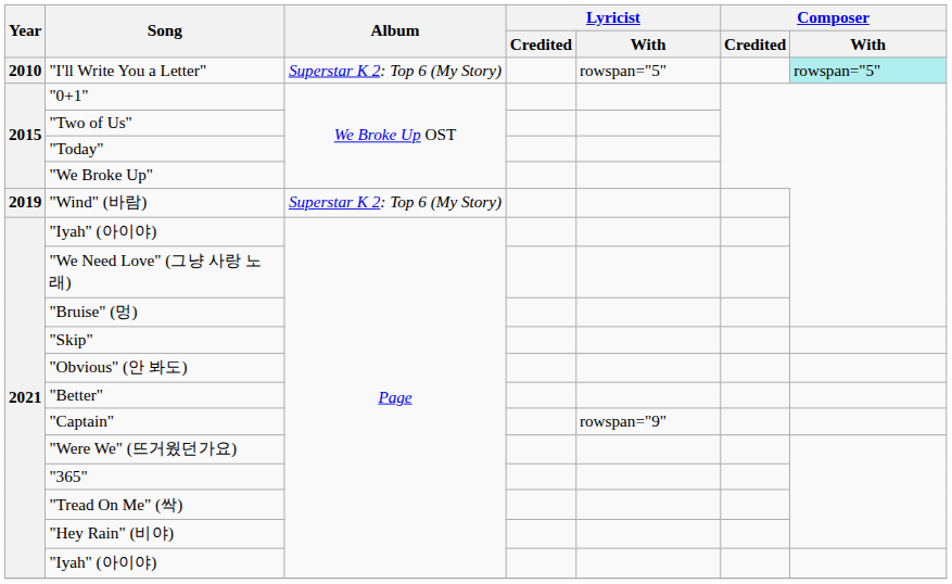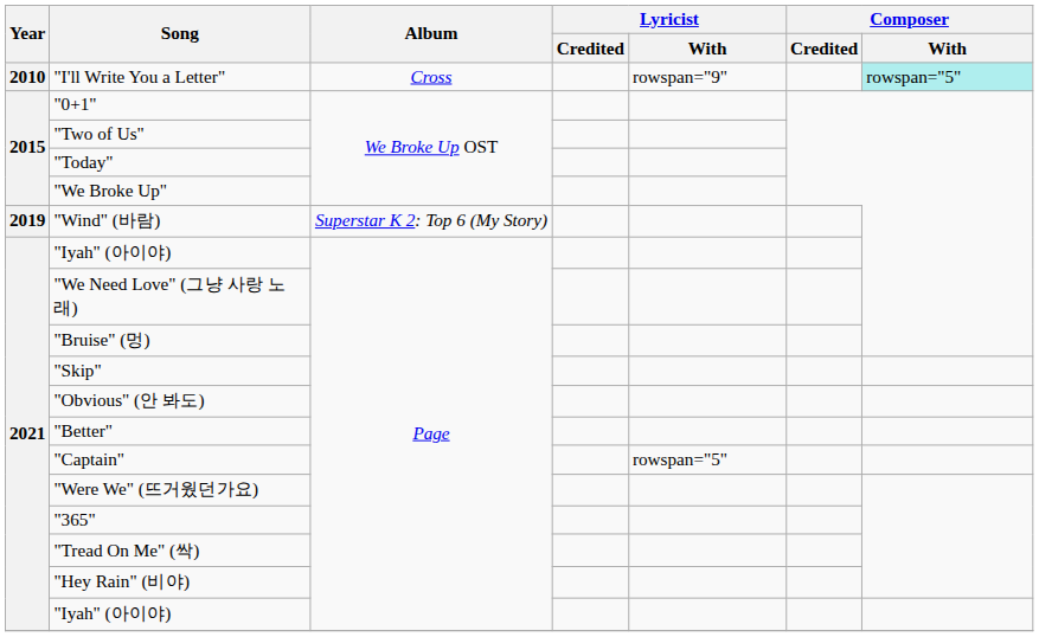 <table class="wikitable sortable plainrowheaders">
 <tr>
 <th rowspan="2" style="width:2em;">Year</th>
 <th rowspan="2" style="width:14em;">Song</th>
 <th rowspan="2" style="width:13em;">Album</th>
 <th colspan="2"><a href='#'>Lyricist</a></th>
 <th colspan="2"><a href='#'>Composer</a></th>
 </tr>
 <tr>
 <th>Credited</th>
 <th style="width:8.3em;">With</th>
 <th>Credited</th>
 <th style="width:9em;">With</th>
 </tr>
 <tr>
 <th scope="row">2010</th>
 <td>"I'll Write You a Letter"</td>
-<td style="text-align:center"><em><a href='#'>Superstar K 2</a>: Top 6 (My Story)</em></td>
+<td style="text-align:center"><em><a href='#'>Cross</a></em></td>
 <td></td>
-<td>rowspan="5"</td>
+<td>rowspan="9"</td>
 <td></td>
 <td style="background: paleturquoise;">rowspan="5"</td>
 </tr>
 <tr>
 <th scope="row" rowspan="4">2015</th>
 <td>"0+1"</td>
 <td style="text-align:center" rowspan="4"><em><a href='#'>We Broke Up</a></em> OST</td>
 <td></td>
 <td></td>
 </tr>
 <tr>
 <td>"Two of Us"</td>
 <td></td>
 <td></td>
 </tr>
 <tr>
 <td>"Today"</td>
 <td></td>
 <td></td>
 </tr>
 <tr>
 <td>"We Broke Up"</td>
 <td></td>
 <td></td>
 </tr>
 <tr>
 <th scope="row">2019</th>
 <td>"Wind" (바람)</td>
 <td style="text-align:center"><em><a href='#'>Superstar K 2</a>: Top 6 (My Story)</em></td>
 <td></td>
 <td></td>
 <td style="text-align:center"></td>
 </tr>
 <tr>
 <th scope="row" rowspan="12">2021</th>
 <td>"Iyah" (아이야)</td>
 <td style="text-align:center" rowspan="12"><em><a href='#'>Page</a></em></td>
 <td></td>
 <td></td>
 <td style="text-align:center"></td>
 </tr>
 <tr>
 <td>"We Need Love" (그냥 사랑 노래)</td>
 <td></td>
 <td></td>
 <td style="text-align:center"></td>
 </tr>
 <tr>
 <td>"Bruise" (멍)</td>
 <td></td>
 <td></td>
 <td style="text-align:center"></td>
 </tr>
 <tr>
 <td>"Skip"</td>
 <td></td>
 <td style="text-align:center"></td>
 <td></td>
 <td style="text-align:center"></td>
 </tr>
 <tr>
 <td>"Obvious" (안 봐도)</td>
 <td></td>
 <td style="text-align:center"></td>
 <td></td>
 <td style="text-align:center"></td>
 </tr>
 <tr>
 <td>"Better"</td>
 <td></td>
 <td style="text-align:center"></td>
 <td></td>
 <td style="text-align:center"></td>
 </tr>
 <tr>
 <td>"Captain"</td>
 <td></td>
-<td>rowspan="9"</td>
+<td>rowspan="5"</td>
 <td></td>
 <td style="text-align:center"></td>
 </tr>
 <tr>
 <td>"Were We" (뜨거웠던가요)</td>
 <td></td>
 <td></td>
 <td style="text-align:center"></td>
 </tr>
 <tr>
 <td>"365"</td>
 <td></td>
 <td></td>
 <td style="text-align:center"></td>
 </tr>
 <tr>
 <td>"Tread On Me" (싹)</td>
 <td></td>
 <td></td>
 <td style="text-align:center"></td>
 </tr>
 <tr>
 <td>"Hey Rain" (비야)</td>
 <td></td>
 <td></td>
 <td style="text-align:center"></td>
 </tr>
 <tr>
 <td>"Iyah" (아이야)</td>
 <td></td>
 <td style="text-align:center"></td>
 <td></td>
 <td style="text-align:center"></td>
 </tr>
 <tr>
 </tr>
 </table>
